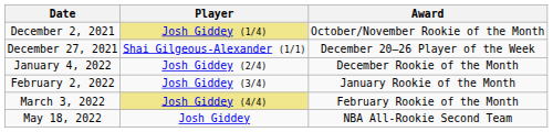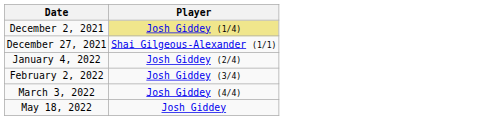 <table class="wikitable sortable sortable" style="text-align: center">
 <tr>
 <th>Date</th>
 <th>Player</th>
-<th>Award</th>
 </tr>
 <tr style="text-align: center">
 <td>December 2, 2021</td>
 <td style="background: khaki;"><a href='#'>Josh Giddey</a> <small>(1/4)</small></td>
-<td>October/November Rookie of the Month</td>
 </tr>
 <tr style="text-align: center">
 <td>December 27, 2021</td>
 <td><a href='#'>Shai Gilgeous-Alexander</a> <small>(1/1)</small></td>
-<td>December 20–26 Player of the Week</td>
 </tr>
 <tr style="text-align: center">
 <td>January 4, 2022</td>
 <td><a href='#'>Josh Giddey</a> <small>(2/4)</small></td>
-<td>December Rookie of the Month</td>
 </tr>
 <tr style="text-align: center">
 <td>February 2, 2022</td>
 <td><a href='#'>Josh Giddey</a> <small>(3/4)</small></td>
-<td>January Rookie of the Month</td>
 </tr>
 <tr style="text-align: center">
 <td>March 3, 2022</td>
-<td style="background: khaki;"><a href='#'>Josh Giddey</a> <small>(4/4)</small></td>
-<td>February Rookie of the Month</td>
+<td><a href='#'>Josh Giddey</a> <small>(4/4)</small></td>
 </tr>
 <tr style="text-align: center">
 <td>May 18, 2022</td>
 <td><a href='#'>Josh Giddey</a></td>
-<td>NBA All-Rookie Second Team</td>
 </tr>
 </table>
